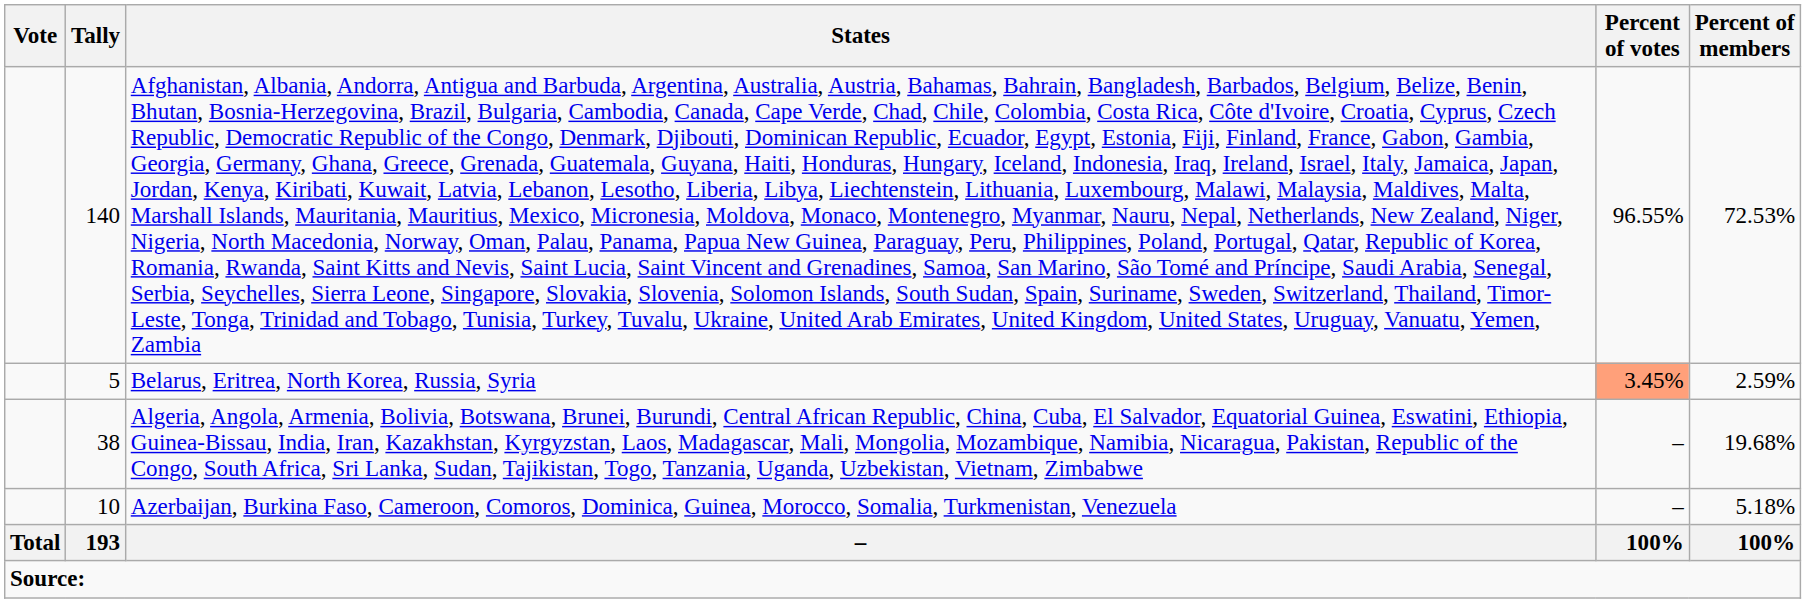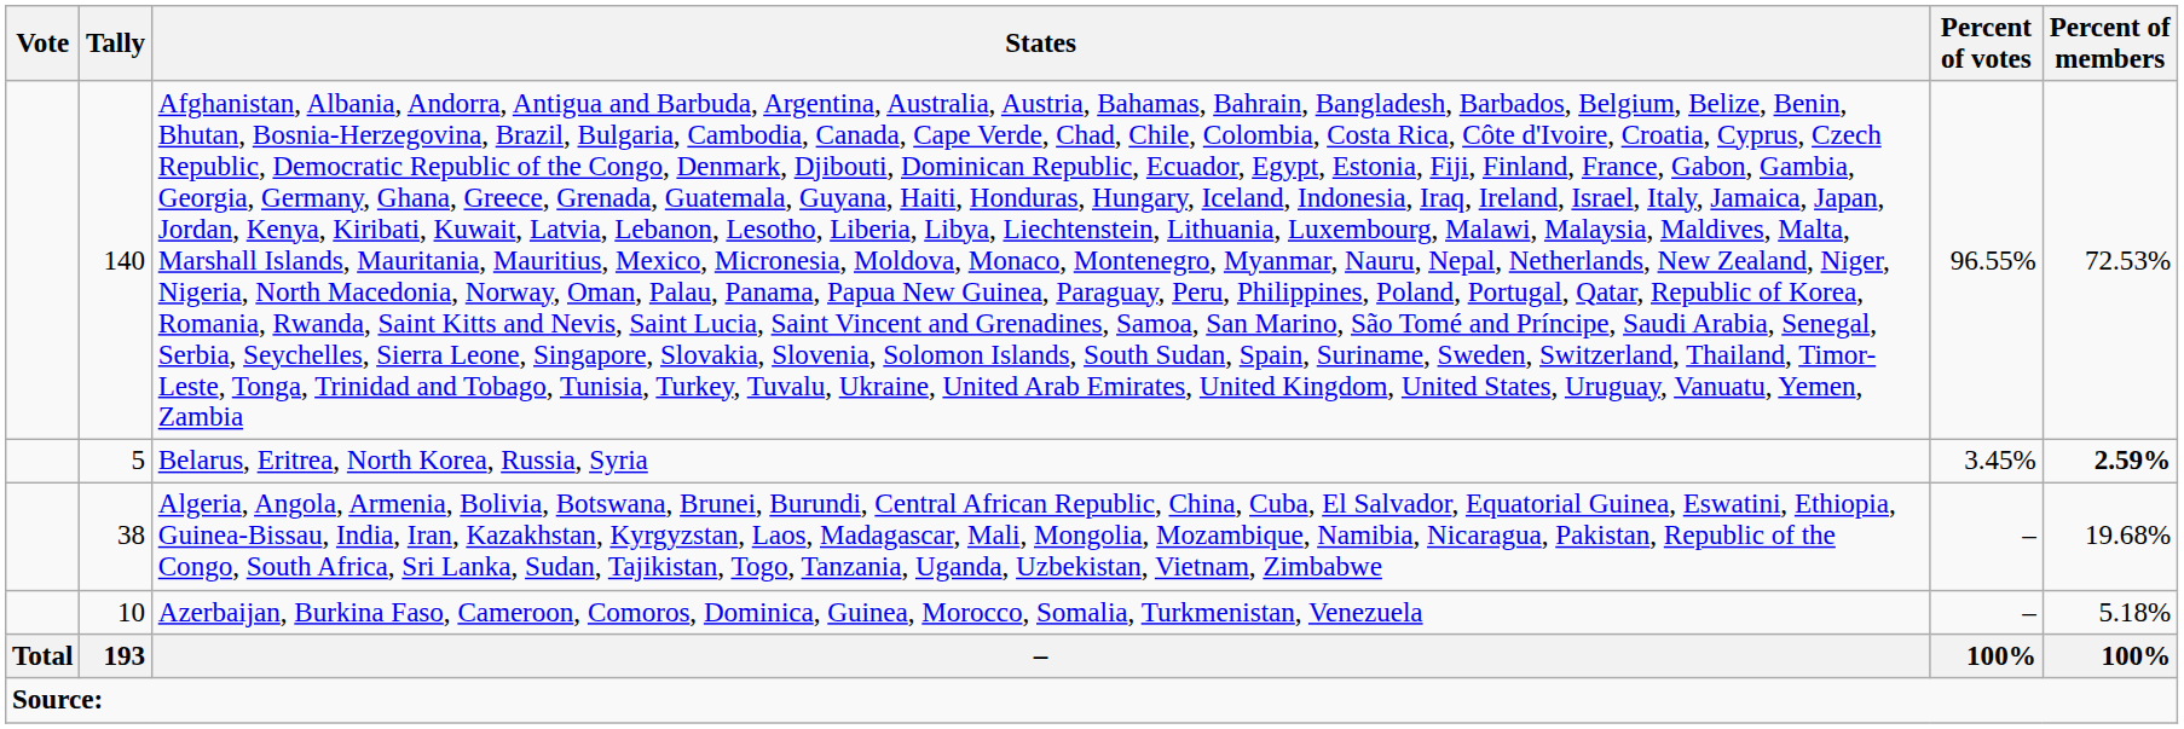 <table class="wikitable mw-collapsible mw-collapsed">
 <tr>
 <th scope="col">Vote</th>
 <th scope="col">Tally</th>
 <th scope="col">States</th>
 <th scope="col">Percent of votes</th>
 <th scope="col">Percent of members</th>
 </tr>
 <tr>
 <td></td>
 <td style="text-align: right">140</td>
 <td><a href='#'>Afghanistan</a>, <a href='#'>Albania</a>, <a href='#'>Andorra</a>, <a href='#'>Antigua and Barbuda</a>, <a href='#'>Argentina</a>, <a href='#'>Australia</a>, <a href='#'>Austria</a>, <a href='#'>Bahamas</a>, <a href='#'>Bahrain</a>, <a href='#'>Bangladesh</a>, <a href='#'>Barbados</a>, <a href='#'>Belgium</a>, <a href='#'>Belize</a>, <a href='#'>Benin</a>, <a href='#'>Bhutan</a>, <a href='#'>Bosnia-Herzegovina</a>, <a href='#'>Brazil</a>, <a href='#'>Bulgaria</a>, <a href='#'>Cambodia</a>, <a href='#'>Canada</a>, <a href='#'>Cape Verde</a>, <a href='#'>Chad</a>, <a href='#'>Chile</a>, <a href='#'>Colombia</a>, <a href='#'>Costa Rica</a>, <a href='#'>Côte d'Ivoire</a>, <a href='#'>Croatia</a>, <a href='#'>Cyprus</a>, <a href='#'>Czech Republic</a>, <a href='#'>Democratic Republic of the Congo</a>, <a href='#'>Denmark</a>, <a href='#'>Djibouti</a>, <a href='#'>Dominican Republic</a>, <a href='#'>Ecuador</a>, <a href='#'>Egypt</a>, <a href='#'>Estonia</a>, <a href='#'>Fiji</a>, <a href='#'>Finland</a>, <a href='#'>France</a>, <a href='#'>Gabon</a>, <a href='#'>Gambia</a>, <a href='#'>Georgia</a>, <a href='#'>Germany</a>, <a href='#'>Ghana</a>, <a href='#'>Greece</a>, <a href='#'>Grenada</a>, <a href='#'>Guatemala</a>, <a href='#'>Guyana</a>, <a href='#'>Haiti</a>, <a href='#'>Honduras</a>, <a href='#'>Hungary</a>, <a href='#'>Iceland</a>, <a href='#'>Indonesia</a>, <a href='#'>Iraq</a>, <a href='#'>Ireland</a>, <a href='#'>Israel</a>, <a href='#'>Italy</a>, <a href='#'>Jamaica</a>, <a href='#'>Japan</a>, <a href='#'>Jordan</a>, <a href='#'>Kenya</a>, <a href='#'>Kiribati</a>, <a href='#'>Kuwait</a>, <a href='#'>Latvia</a>, <a href='#'>Lebanon</a>, <a href='#'>Lesotho</a>, <a href='#'>Liberia</a>, <a href='#'>Libya</a>, <a href='#'>Liechtenstein</a>, <a href='#'>Lithuania</a>, <a href='#'>Luxembourg</a>, <a href='#'>Malawi</a>, <a href='#'>Malaysia</a>, <a href='#'>Maldives</a>, <a href='#'>Malta</a>, <a href='#'>Marshall Islands</a>, <a href='#'>Mauritania</a>, <a href='#'>Mauritius</a>, <a href='#'>Mexico</a>, <a href='#'>Micronesia</a>, <a href='#'>Moldova</a>, <a href='#'>Monaco</a>, <a href='#'>Montenegro</a>, <a href='#'>Myanmar</a>, <a href='#'>Nauru</a>, <a href='#'>Nepal</a>, <a href='#'>Netherlands</a>, <a href='#'>New Zealand</a>, <a href='#'>Niger</a>, <a href='#'>Nigeria</a>, <a href='#'>North Macedonia</a>, <a href='#'>Norway</a>, <a href='#'>Oman</a>, <a href='#'>Palau</a>, <a href='#'>Panama</a>, <a href='#'>Papua New Guinea</a>, <a href='#'>Paraguay</a>, <a href='#'>Peru</a>, <a href='#'>Philippines</a>, <a href='#'>Poland</a>, <a href='#'>Portugal</a>, <a href='#'>Qatar</a>, <a href='#'>Republic of Korea</a>, <a href='#'>Romania</a>, <a href='#'>Rwanda</a>, <a href='#'>Saint Kitts and Nevis</a>, <a href='#'>Saint Lucia</a>, <a href='#'>Saint Vincent and Grenadines</a>, <a href='#'>Samoa</a>, <a href='#'>San Marino</a>, <a href='#'>São Tomé and Príncipe</a>, <a href='#'>Saudi Arabia</a>, <a href='#'>Senegal</a>, <a href='#'>Serbia</a>, <a href='#'>Seychelles</a>, <a href='#'>Sierra Leone</a>, <a href='#'>Singapore</a>, <a href='#'>Slovakia</a>, <a href='#'>Slovenia</a>, <a href='#'>Solomon Islands</a>, <a href='#'>South Sudan</a>, <a href='#'>Spain</a>, <a href='#'>Suriname</a>, <a href='#'>Sweden</a>, <a href='#'>Switzerland</a>, <a href='#'>Thailand</a>, <a href='#'>Timor-Leste</a>, <a href='#'>Tonga</a>, <a href='#'>Trinidad and Tobago</a>, <a href='#'>Tunisia</a>, <a href='#'>Turkey</a>, <a href='#'>Tuvalu</a>, <a href='#'>Ukraine</a>, <a href='#'>United Arab Emirates</a>, <a href='#'>United Kingdom</a>, <a href='#'>United States</a>, <a href='#'>Uruguay</a>, <a href='#'>Vanuatu</a>, <a href='#'>Yemen</a>, <a href='#'>Zambia</a></td>
 <td style="text-align: right">96.55%</td>
 <td style="text-align: right">72.53%</td>
 </tr>
 <tr>
 <td></td>
 <td style="text-align: right">5</td>
 <td><a href='#'>Belarus</a>, <a href='#'>Eritrea</a>, <a href='#'>North Korea</a>, <a href='#'>Russia</a>, <a href='#'>Syria</a></td>
-<td style="background: lightsalmon; text-align: right">3.45%</td>
-<td style="text-align: right">2.59%</td>
+<td style="text-align: right">3.45%</td>
+<td style="text-align: right"><strong>2.59%</strong></td>
 </tr>
 <tr>
 <td></td>
 <td style="text-align: right">38</td>
 <td><a href='#'>Algeria</a>, <a href='#'>Angola</a>, <a href='#'>Armenia</a>, <a href='#'>Bolivia</a>, <a href='#'>Botswana</a>, <a href='#'>Brunei</a>, <a href='#'>Burundi</a>, <a href='#'>Central African Republic</a>, <a href='#'>China</a>, <a href='#'>Cuba</a>, <a href='#'>El Salvador</a>, <a href='#'>Equatorial Guinea</a>, <a href='#'>Eswatini</a>, <a href='#'>Ethiopia</a>, <a href='#'>Guinea-Bissau</a>, <a href='#'>India</a>, <a href='#'>Iran</a>, <a href='#'>Kazakhstan</a>, <a href='#'>Kyrgyzstan</a>, <a href='#'>Laos</a>, <a href='#'>Madagascar</a>, <a href='#'>Mali</a>, <a href='#'>Mongolia</a>, <a href='#'>Mozambique</a>, <a href='#'>Namibia</a>, <a href='#'>Nicaragua</a>, <a href='#'>Pakistan</a>, <a href='#'>Republic of the Congo</a>, <a href='#'>South Africa</a>, <a href='#'>Sri Lanka</a>, <a href='#'>Sudan</a>, <a href='#'>Tajikistan</a>, <a href='#'>Togo</a>, <a href='#'>Tanzania</a>, <a href='#'>Uganda</a>, <a href='#'>Uzbekistan</a>, <a href='#'>Vietnam</a>, <a href='#'>Zimbabwe</a></td>
 <td style="text-align: right">–</td>
 <td style="text-align: right">19.68%</td>
 </tr>
 <tr>
 <td></td>
 <td style="text-align: right">10</td>
 <td><a href='#'>Azerbaijan</a>, <a href='#'>Burkina Faso</a>, <a href='#'>Cameroon</a>, <a href='#'>Comoros</a>, <a href='#'>Dominica</a>, <a href='#'>Guinea</a>,  <a href='#'>Morocco</a>, <a href='#'>Somalia</a>, <a href='#'>Turkmenistan</a>, <a href='#'>Venezuela</a></td>
 <td style="text-align: right">–</td>
 <td style="text-align: right">5.18%</td>
 </tr>
 <tr>
 <th style="text-align: left">Total</th>
 <th style="text-align: right">193</th>
 <th>–</th>
 <th style="text-align: right">100%</th>
 <th style="text-align: right">100%</th>
 </tr>
 <tr>
 <td colspan="5"><strong>Source:</strong> <br></td>
 </tr>
 </table>
